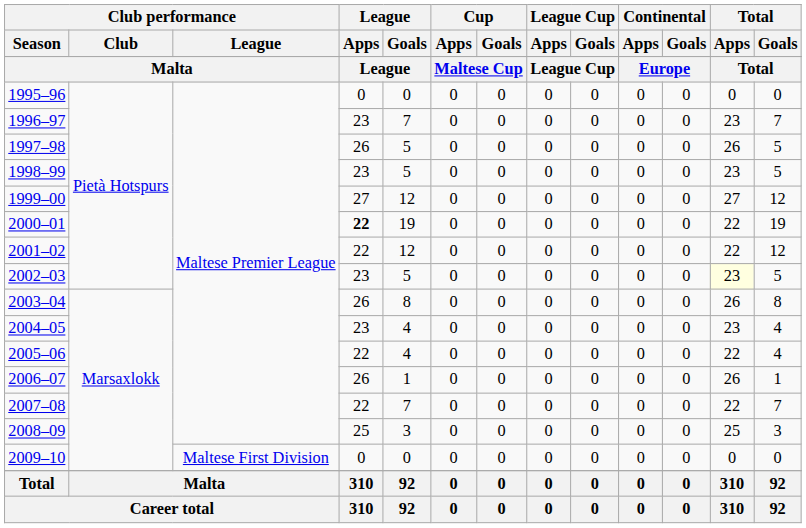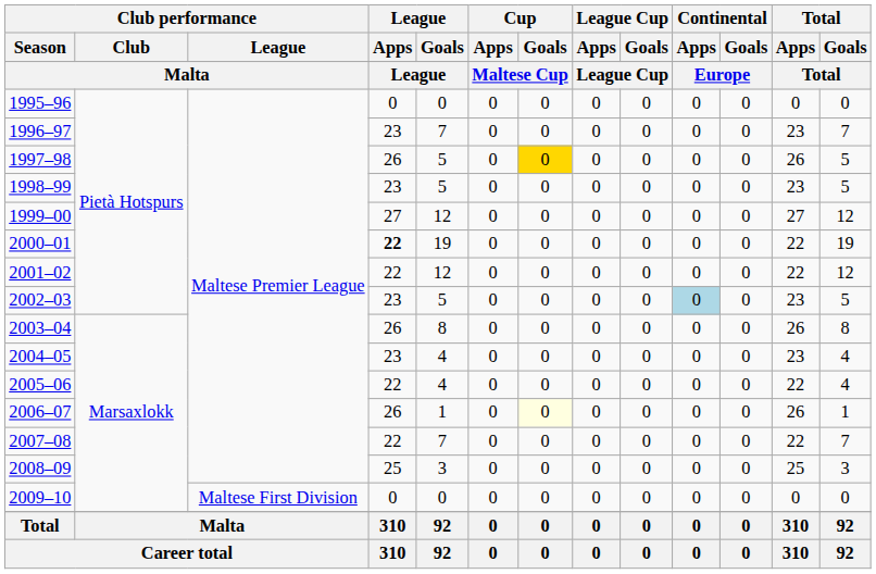 <table class="wikitable" style="text-align:center">
 <tr>
 <th colspan=3>Club performance</th>
 <th colspan=2>League</th>
 <th colspan=2>Cup</th>
 <th colspan=2>League Cup</th>
 <th colspan=2>Continental</th>
 <th colspan=2>Total</th>
 </tr>
 <tr>
 <th>Season</th>
 <th>Club</th>
 <th>League</th>
 <th>Apps</th>
 <th>Goals</th>
 <th>Apps</th>
 <th>Goals</th>
 <th>Apps</th>
 <th>Goals</th>
 <th>Apps</th>
 <th>Goals</th>
 <th>Apps</th>
 <th>Goals</th>
 </tr>
 <tr>
 </tr>
 <tr>
 <th colspan=3>Malta</th>
 <th colspan=2>League</th>
 <th colspan=2><a href='#'>Maltese Cup</a></th>
 <th colspan=2>League Cup</th>
 <th colspan=2><a href='#'>Europe</a></th>
 <th colspan=2>Total</th>
 </tr>
 <tr>
 <td><a href='#'>1995–96</a></td>
 <td rowspan="8"><a href='#'>Pietà Hotspurs</a></td>
 <td rowspan="14"><a href='#'>Maltese Premier League</a></td>
 <td>0</td>
 <td>0</td>
 <td>0</td>
 <td>0</td>
 <td>0</td>
 <td>0</td>
 <td>0</td>
 <td>0</td>
 <td>0</td>
 <td>0</td>
 </tr>
 <tr>
 <td><a href='#'>1996–97</a></td>
 <td>23</td>
 <td>7</td>
 <td>0</td>
 <td>0</td>
 <td>0</td>
 <td>0</td>
 <td>0</td>
 <td>0</td>
 <td>23</td>
 <td>7</td>
 </tr>
 <tr>
 <td><a href='#'>1997–98</a></td>
 <td>26</td>
 <td>5</td>
 <td>0</td>
-<td>0</td>
+<td style="background: gold;">0</td>
 <td>0</td>
 <td>0</td>
 <td>0</td>
 <td>0</td>
 <td>26</td>
 <td>5</td>
 </tr>
 <tr>
 <td><a href='#'>1998–99</a></td>
 <td>23</td>
 <td>5</td>
 <td>0</td>
 <td>0</td>
 <td>0</td>
 <td>0</td>
 <td>0</td>
 <td>0</td>
 <td>23</td>
 <td>5</td>
 </tr>
 <tr>
 <td><a href='#'>1999–00</a></td>
 <td>27</td>
 <td>12</td>
 <td>0</td>
 <td>0</td>
 <td>0</td>
 <td>0</td>
 <td>0</td>
 <td>0</td>
 <td>27</td>
 <td>12</td>
 </tr>
 <tr>
 <td><a href='#'>2000–01</a></td>
 <td><strong>22</strong></td>
 <td>19</td>
 <td>0</td>
 <td>0</td>
 <td>0</td>
 <td>0</td>
 <td>0</td>
 <td>0</td>
 <td>22</td>
 <td>19</td>
 </tr>
 <tr>
 <td><a href='#'>2001–02</a></td>
 <td>22</td>
 <td>12</td>
 <td>0</td>
 <td>0</td>
 <td>0</td>
 <td>0</td>
 <td>0</td>
 <td>0</td>
 <td>22</td>
 <td>12</td>
 </tr>
 <tr>
 <td><a href='#'>2002–03</a></td>
 <td>23</td>
 <td>5</td>
 <td>0</td>
 <td>0</td>
 <td>0</td>
 <td>0</td>
+<td style="background: lightblue;">0</td>
 <td>0</td>
-<td>0</td>
-<td style="background: lightyellow;">23</td>
+<td>23</td>
 <td>5</td>
 </tr>
 <tr>
 <td><a href='#'>2003–04</a></td>
 <td rowspan="7"><a href='#'>Marsaxlokk</a></td>
 <td>26</td>
 <td>8</td>
 <td>0</td>
 <td>0</td>
 <td>0</td>
 <td>0</td>
 <td>0</td>
 <td>0</td>
 <td>26</td>
 <td>8</td>
 </tr>
 <tr>
 <td><a href='#'>2004–05</a></td>
 <td>23</td>
 <td>4</td>
 <td>0</td>
 <td>0</td>
 <td>0</td>
 <td>0</td>
 <td>0</td>
 <td>0</td>
 <td>23</td>
 <td>4</td>
 </tr>
 <tr>
 <td><a href='#'>2005–06</a></td>
 <td>22</td>
 <td>4</td>
 <td>0</td>
 <td>0</td>
 <td>0</td>
 <td>0</td>
 <td>0</td>
 <td>0</td>
 <td>22</td>
 <td>4</td>
 </tr>
 <tr>
 <td><a href='#'>2006–07</a></td>
 <td>26</td>
 <td>1</td>
 <td>0</td>
-<td>0</td>
+<td style="background: lightyellow;">0</td>
 <td>0</td>
 <td>0</td>
 <td>0</td>
 <td>0</td>
 <td>26</td>
 <td>1</td>
 </tr>
 <tr>
 <td><a href='#'>2007–08</a></td>
 <td>22</td>
 <td>7</td>
 <td>0</td>
 <td>0</td>
 <td>0</td>
 <td>0</td>
 <td>0</td>
 <td>0</td>
 <td>22</td>
 <td>7</td>
 </tr>
 <tr>
 <td><a href='#'>2008–09</a></td>
 <td>25</td>
 <td>3</td>
 <td>0</td>
 <td>0</td>
 <td>0</td>
 <td>0</td>
 <td>0</td>
 <td>0</td>
 <td>25</td>
 <td>3</td>
 </tr>
 <tr>
 <td><a href='#'>2009–10</a></td>
 <td rowspan="1"><a href='#'>Maltese First Division</a></td>
 <td>0</td>
 <td>0</td>
 <td>0</td>
 <td>0</td>
 <td>0</td>
 <td>0</td>
 <td>0</td>
 <td>0</td>
 <td>0</td>
 <td>0</td>
 </tr>
 <tr>
 </tr>
 <tr>
 <th rowspan=1>Total</th>
 <th colspan=2>Malta</th>
 <th>310</th>
 <th>92</th>
 <th>0</th>
 <th>0</th>
 <th>0</th>
 <th>0</th>
 <th>0</th>
 <th>0</th>
 <th>310</th>
 <th>92</th>
 </tr>
 <tr>
 <th colspan=3>Career total</th>
 <th>310</th>
 <th>92</th>
 <th>0</th>
 <th>0</th>
 <th>0</th>
 <th>0</th>
 <th>0</th>
 <th>0</th>
 <th>310</th>
 <th>92</th>
 </tr>
 </table>
